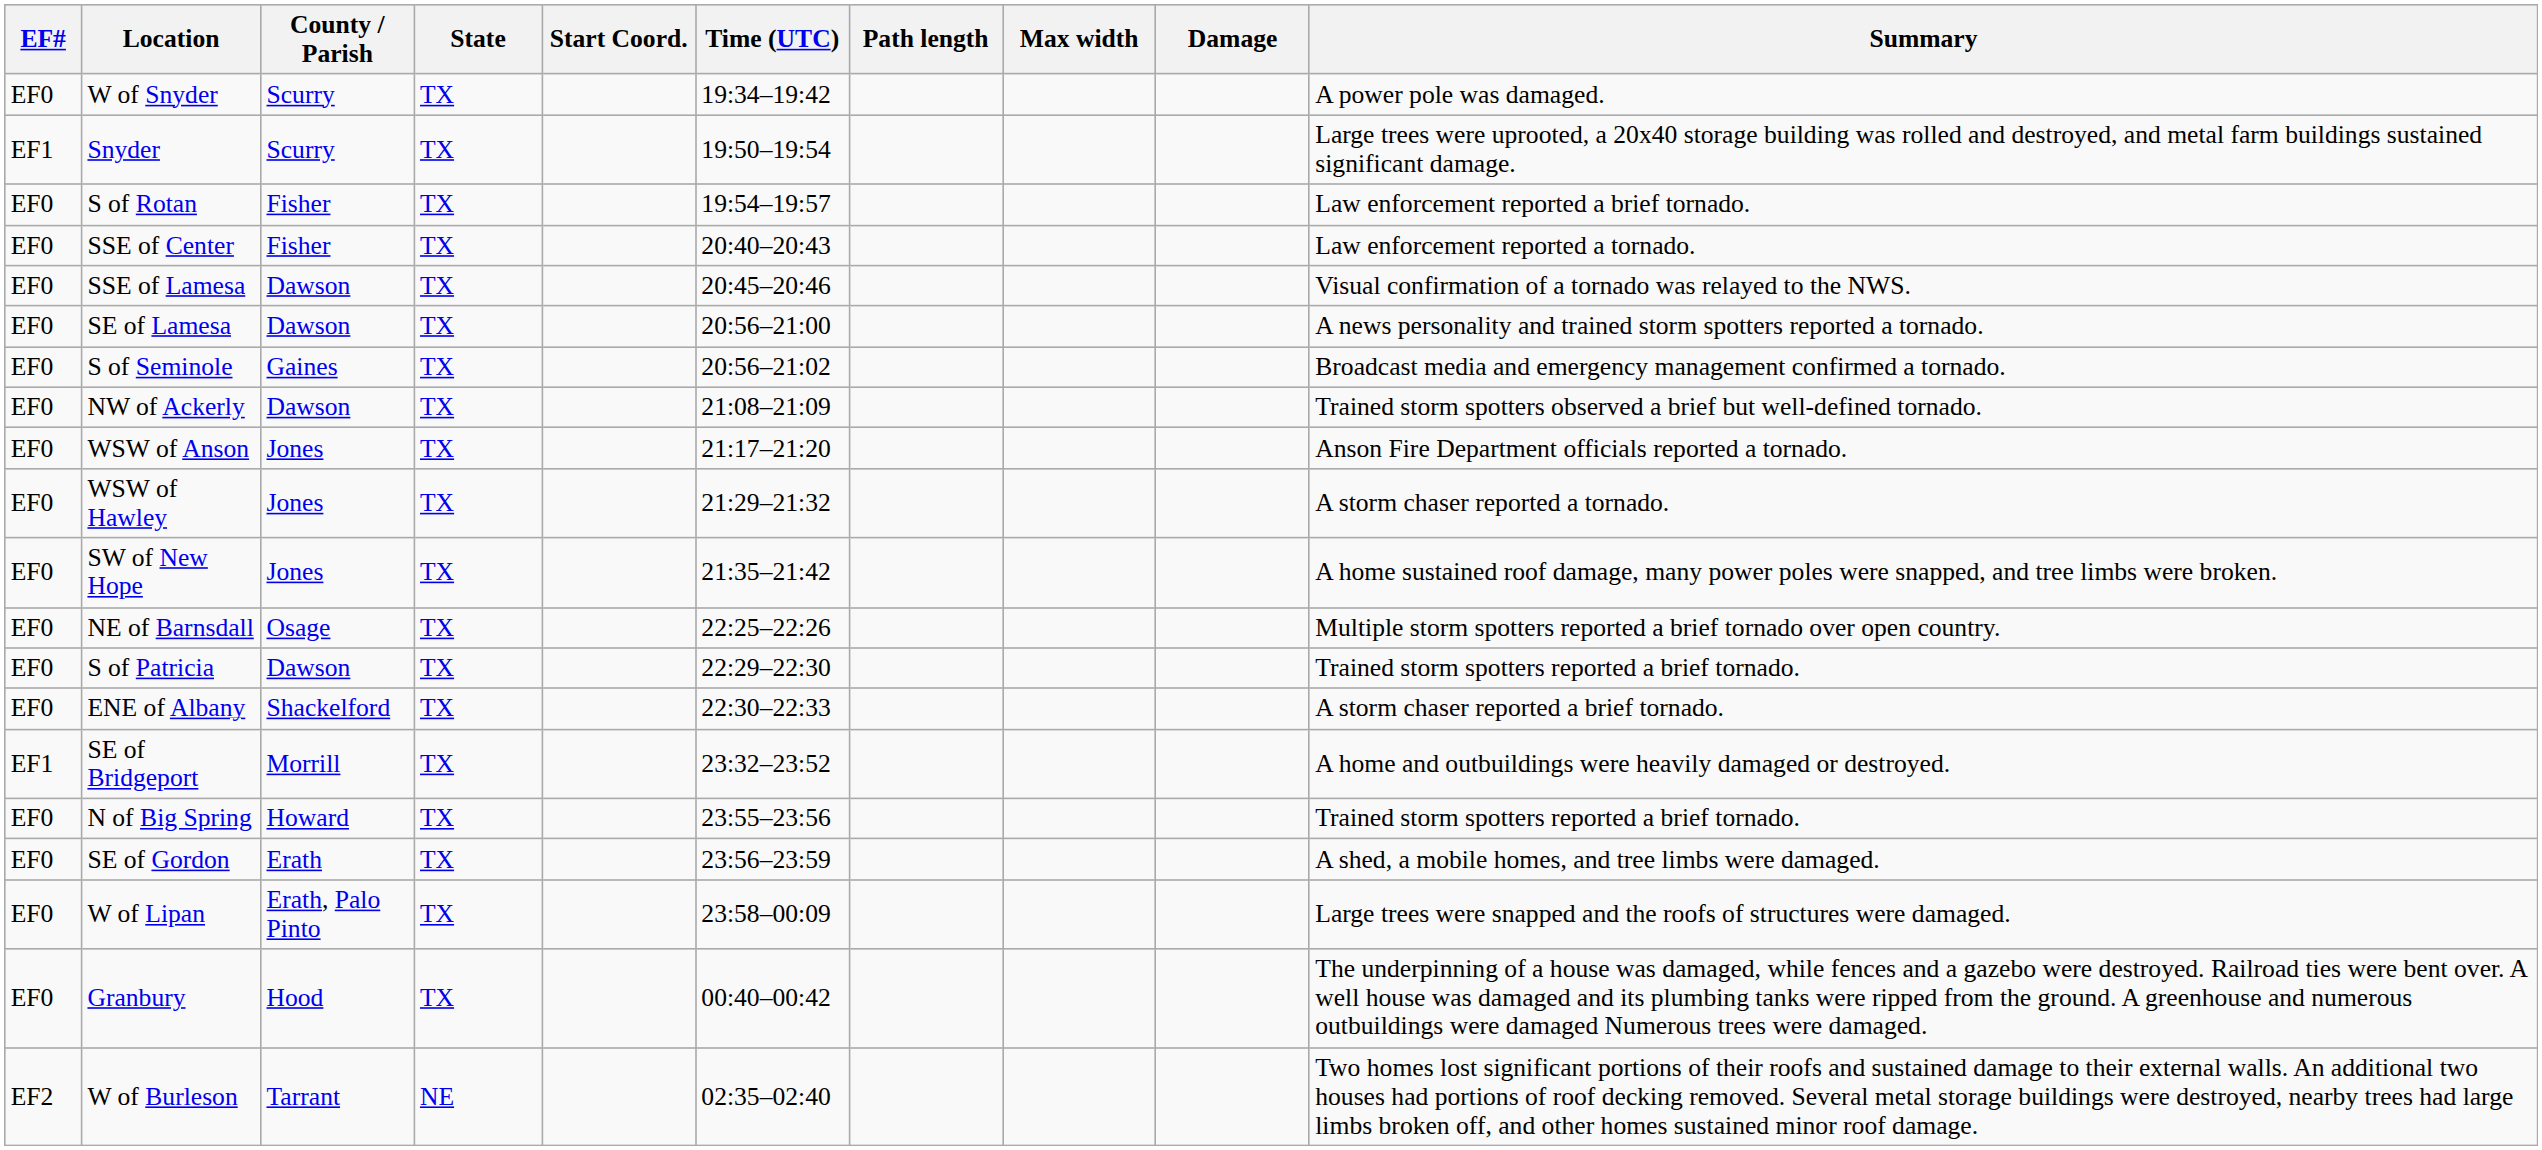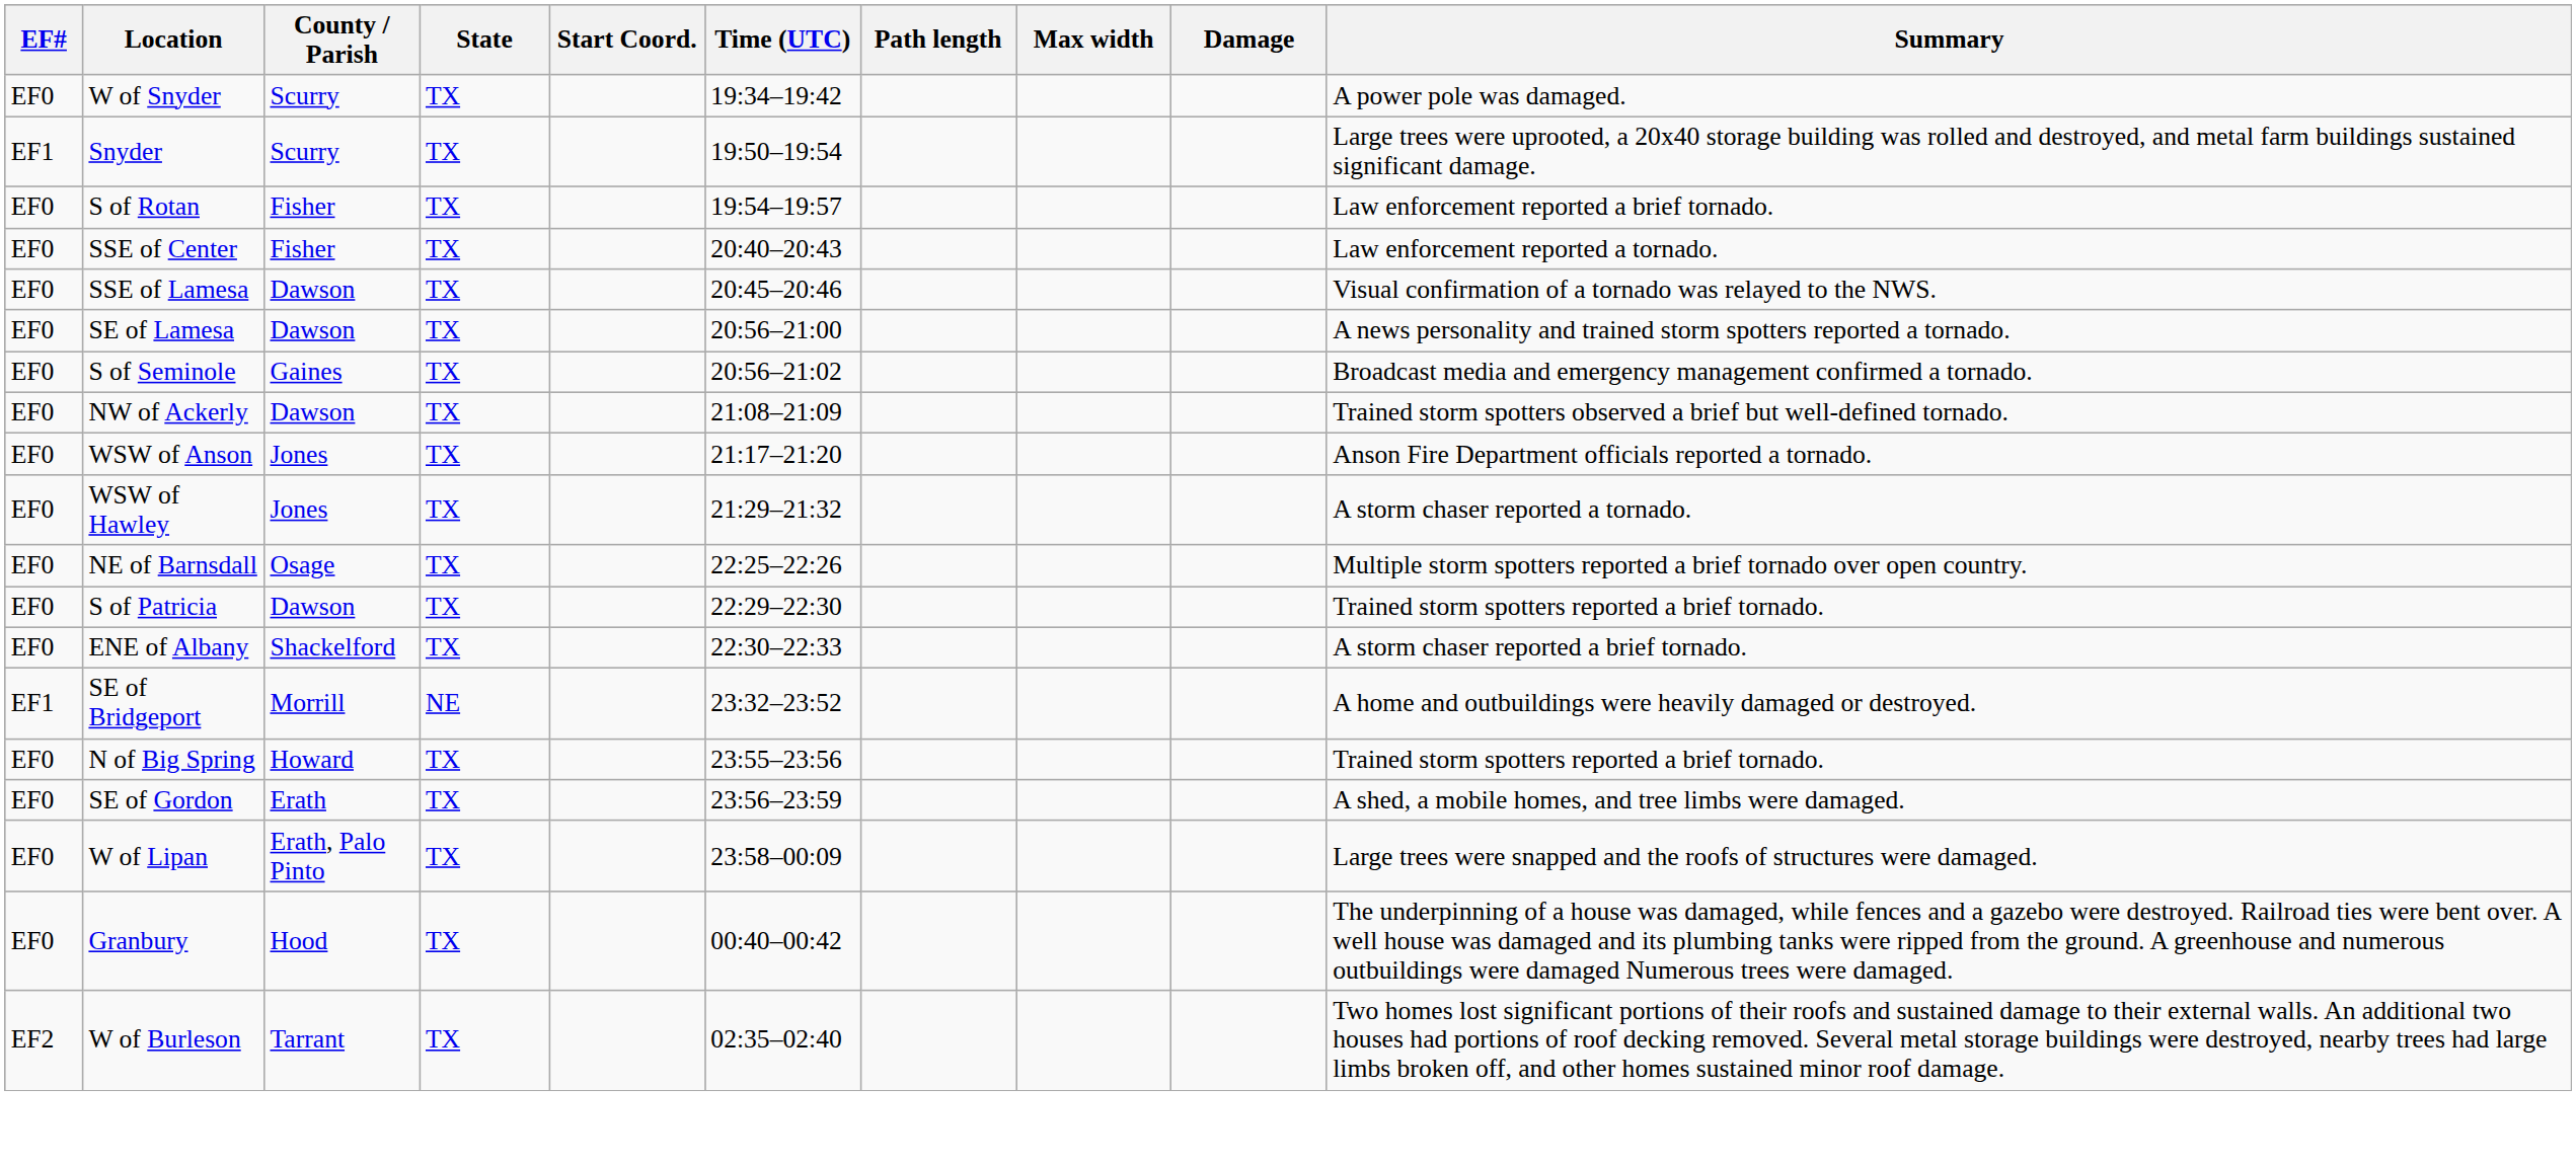 <table class="wikitable sortable" style="width:100%;">
 <tr>
 <th scope="col" width="3%" align="center"><a href='#'>EF#</a></th>
 <th scope="col" width="7%" align="center" class="unsortable">Location</th>
 <th scope="col" width="6%" align="center" class="unsortable">County / Parish</th>
 <th scope="col" width="5%" align="center">State</th>
 <th scope="col" width="6%" align="center">Start Coord.</th>
 <th scope="col" width="6%" align="center">Time (<a href='#'>UTC</a>)</th>
 <th scope="col" width="6%" align="center">Path length</th>
 <th scope="col" width="6%" align="center">Max width</th>
 <th scope="col" width="6%" align="center">Damage</th>
 <th scope="col" width="48%" class="unsortable" align="center">Summary</th>
 </tr>
 <tr>
 <td>EF0</td>
 <td>W of <a href='#'>Snyder</a></td>
 <td><a href='#'>Scurry</a></td>
 <td><a href='#'>TX</a></td>
 <td></td>
 <td>19:34–19:42</td>
 <td></td>
 <td></td>
 <td></td>
 <td>A power pole was damaged.</td>
 </tr>
 <tr>
 <td>EF1</td>
 <td><a href='#'>Snyder</a></td>
 <td><a href='#'>Scurry</a></td>
 <td><a href='#'>TX</a></td>
 <td></td>
 <td>19:50–19:54</td>
 <td></td>
 <td></td>
 <td></td>
 <td>Large trees were uprooted, a 20x40 storage building was rolled and destroyed, and metal farm buildings sustained significant damage.</td>
 </tr>
 <tr>
 <td>EF0</td>
 <td>S of <a href='#'>Rotan</a></td>
 <td><a href='#'>Fisher</a></td>
 <td><a href='#'>TX</a></td>
 <td></td>
 <td>19:54–19:57</td>
 <td></td>
 <td></td>
 <td></td>
 <td>Law enforcement reported a brief tornado.</td>
 </tr>
 <tr>
 <td>EF0</td>
 <td>SSE of <a href='#'>Center</a></td>
 <td><a href='#'>Fisher</a></td>
 <td><a href='#'>TX</a></td>
 <td></td>
 <td>20:40–20:43</td>
 <td></td>
 <td></td>
 <td></td>
 <td>Law enforcement reported a tornado.</td>
 </tr>
 <tr>
 <td>EF0</td>
 <td>SSE of <a href='#'>Lamesa</a></td>
 <td><a href='#'>Dawson</a></td>
 <td><a href='#'>TX</a></td>
 <td></td>
 <td>20:45–20:46</td>
 <td></td>
 <td></td>
 <td></td>
 <td>Visual confirmation of a tornado was relayed to the NWS.</td>
 </tr>
 <tr>
 <td>EF0</td>
 <td>SE of <a href='#'>Lamesa</a></td>
 <td><a href='#'>Dawson</a></td>
 <td><a href='#'>TX</a></td>
 <td></td>
 <td>20:56–21:00</td>
 <td></td>
 <td></td>
 <td></td>
 <td>A news personality and trained storm spotters reported a tornado.</td>
 </tr>
 <tr>
 <td>EF0</td>
 <td>S of <a href='#'>Seminole</a></td>
 <td><a href='#'>Gaines</a></td>
 <td><a href='#'>TX</a></td>
 <td></td>
 <td>20:56–21:02</td>
 <td></td>
 <td></td>
 <td></td>
 <td>Broadcast media and emergency management confirmed a tornado.</td>
 </tr>
 <tr>
 <td>EF0</td>
 <td>NW of <a href='#'>Ackerly</a></td>
 <td><a href='#'>Dawson</a></td>
 <td><a href='#'>TX</a></td>
 <td></td>
 <td>21:08–21:09</td>
 <td></td>
 <td></td>
 <td></td>
 <td>Trained storm spotters observed a brief but well-defined tornado.</td>
 </tr>
 <tr>
 <td>EF0</td>
 <td>WSW of <a href='#'>Anson</a></td>
 <td><a href='#'>Jones</a></td>
 <td><a href='#'>TX</a></td>
 <td></td>
 <td>21:17–21:20</td>
 <td></td>
 <td></td>
 <td></td>
 <td>Anson Fire Department officials reported a tornado.</td>
 </tr>
 <tr>
 <td>EF0</td>
 <td>WSW of <a href='#'>Hawley</a></td>
 <td><a href='#'>Jones</a></td>
 <td><a href='#'>TX</a></td>
 <td></td>
 <td>21:29–21:32</td>
 <td></td>
 <td></td>
 <td></td>
 <td>A storm chaser reported a tornado.</td>
 </tr>
 <tr>
 <td>EF0</td>
-<td>SW of <a href='#'>New Hope</a></td>
-<td><a href='#'>Jones</a></td>
-<td><a href='#'>TX</a></td>
-<td></td>
-<td>21:35–21:42</td>
-<td></td>
-<td></td>
-<td></td>
-<td>A home sustained roof damage, many power poles were snapped, and tree limbs were broken.</td>
-</tr>
-<tr>
-<td>EF0</td>
 <td>NE of <a href='#'>Barnsdall</a></td>
 <td><a href='#'>Osage</a></td>
 <td><a href='#'>TX</a></td>
 <td></td>
 <td>22:25–22:26</td>
 <td></td>
 <td></td>
 <td></td>
 <td>Multiple storm spotters reported a brief tornado over open country.</td>
 </tr>
 <tr>
 <td>EF0</td>
 <td>S of <a href='#'>Patricia</a></td>
 <td><a href='#'>Dawson</a></td>
 <td><a href='#'>TX</a></td>
 <td></td>
 <td>22:29–22:30</td>
 <td></td>
 <td></td>
 <td></td>
 <td>Trained storm spotters reported a brief tornado.</td>
 </tr>
 <tr>
 <td>EF0</td>
 <td>ENE of <a href='#'>Albany</a></td>
 <td><a href='#'>Shackelford</a></td>
 <td><a href='#'>TX</a></td>
 <td></td>
 <td>22:30–22:33</td>
 <td></td>
 <td></td>
 <td></td>
 <td>A storm chaser reported a brief tornado.</td>
 </tr>
 <tr>
 <td>EF1</td>
 <td>SE of <a href='#'>Bridgeport</a></td>
 <td><a href='#'>Morrill</a></td>
-<td><a href='#'>TX</a></td>
+<td><a href='#'>NE</a></td>
 <td></td>
 <td>23:32–23:52</td>
 <td></td>
 <td></td>
 <td></td>
 <td>A home and outbuildings were heavily damaged or destroyed.</td>
 </tr>
 <tr>
 <td>EF0</td>
 <td>N of <a href='#'>Big Spring</a></td>
 <td><a href='#'>Howard</a></td>
 <td><a href='#'>TX</a></td>
 <td></td>
 <td>23:55–23:56</td>
 <td></td>
 <td></td>
 <td></td>
 <td>Trained storm spotters reported a brief tornado.</td>
 </tr>
 <tr>
 <td>EF0</td>
 <td>SE of <a href='#'>Gordon</a></td>
 <td><a href='#'>Erath</a></td>
 <td><a href='#'>TX</a></td>
 <td></td>
 <td>23:56–23:59</td>
 <td></td>
 <td></td>
 <td></td>
 <td>A shed, a mobile homes, and tree limbs were damaged.</td>
 </tr>
 <tr>
 <td>EF0</td>
 <td>W of <a href='#'>Lipan</a></td>
 <td><a href='#'>Erath</a>, <a href='#'>Palo Pinto</a></td>
 <td><a href='#'>TX</a></td>
 <td></td>
 <td>23:58–00:09</td>
 <td></td>
 <td></td>
 <td></td>
 <td>Large trees were snapped and the roofs of structures were damaged.</td>
 </tr>
 <tr>
 <td>EF0</td>
 <td><a href='#'>Granbury</a></td>
 <td><a href='#'>Hood</a></td>
 <td><a href='#'>TX</a></td>
 <td></td>
 <td>00:40–00:42</td>
 <td></td>
 <td></td>
 <td></td>
 <td>The underpinning of a house was damaged, while fences and a gazebo were destroyed. Railroad ties were bent over. A well house was damaged and its plumbing tanks were ripped from the ground. A greenhouse and numerous outbuildings were damaged Numerous trees were damaged.</td>
 </tr>
 <tr>
 <td>EF2</td>
 <td>W of <a href='#'>Burleson</a></td>
 <td><a href='#'>Tarrant</a></td>
-<td><a href='#'>NE</a></td>
+<td><a href='#'>TX</a></td>
 <td></td>
 <td>02:35–02:40</td>
 <td></td>
 <td></td>
 <td></td>
 <td>Two homes lost significant portions of their roofs and sustained damage to their external walls. An additional two houses had portions of roof decking removed. Several metal storage buildings were destroyed, nearby trees had large limbs broken off, and other homes sustained minor roof damage.</td>
 </tr>
 <tr>
 </tr>
 </table>
